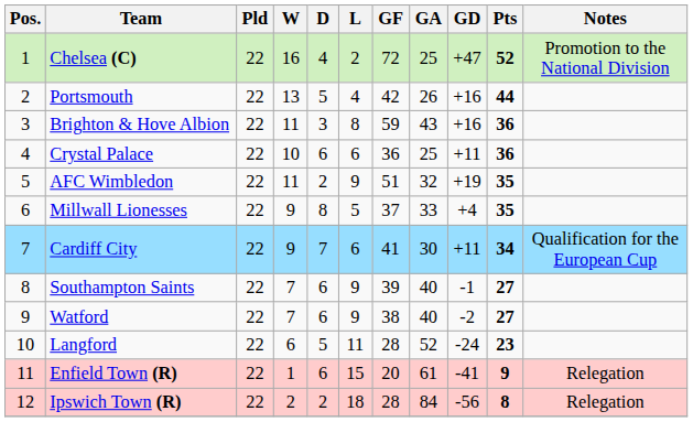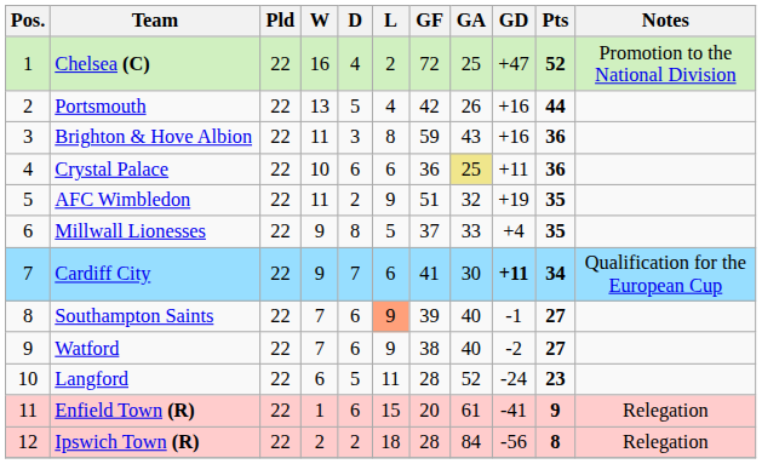 <table class="wikitable" style="text-align:center;">
 <tr>
 <th width=30 abbr="Position">Pos.</th>
 <th width=250>Team</th>
 <th width=30 abbr="Played">Pld</th>
 <th width=30 abbr="Won">W</th>
 <th width=30 abbr="Drawn">D</th>
 <th width=30 abbr="Lost">L</th>
 <th width=30 abbr="Goals for">GF</th>
 <th width=30 abbr="Goals against">GA</th>
 <th width=30 abbr="Goal difference">GD</th>
 <th width=30 abbr="Points">Pts</th>
 <th width=200>Notes</th>
 </tr>
 <tr bgcolor="D0F0C0">
 <td>1</td>
 <td align="left"><a href='#'>Chelsea</a> <strong>(C)</strong></td>
 <td>22</td>
 <td>16</td>
 <td>4</td>
 <td>2</td>
 <td>72</td>
 <td>25</td>
 <td>+47</td>
 <td><strong>52</strong></td>
 <td>Promotion to the <a href='#'>National Division</a></td>
 </tr>
 <tr>
 <td>2</td>
 <td align="left"><a href='#'>Portsmouth</a></td>
 <td>22</td>
 <td>13</td>
 <td>5</td>
 <td>4</td>
 <td>42</td>
 <td>26</td>
 <td>+16</td>
 <td><strong>44</strong></td>
 <td></td>
 </tr>
 <tr>
 <td>3</td>
 <td align="left"><a href='#'>Brighton & Hove Albion</a></td>
 <td>22</td>
 <td>11</td>
 <td>3</td>
 <td>8</td>
 <td>59</td>
 <td>43</td>
 <td>+16</td>
 <td><strong>36</strong></td>
 <td></td>
 </tr>
 <tr>
 <td>4</td>
 <td align="left"><a href='#'>Crystal Palace</a></td>
 <td>22</td>
 <td>10</td>
 <td>6</td>
 <td>6</td>
 <td>36</td>
-<td>25</td>
+<td style="background: khaki;">25</td>
 <td>+11</td>
 <td><strong>36</strong></td>
 <td></td>
 </tr>
 <tr>
 <td>5</td>
 <td align="left"><a href='#'>AFC Wimbledon</a></td>
 <td>22</td>
 <td>11</td>
 <td>2</td>
 <td>9</td>
 <td>51</td>
 <td>32</td>
 <td>+19</td>
 <td><strong>35</strong></td>
 <td></td>
 </tr>
 <tr>
 <td>6</td>
 <td align="left"><a href='#'>Millwall Lionesses</a></td>
 <td>22</td>
 <td>9</td>
 <td>8</td>
 <td>5</td>
 <td>37</td>
 <td>33</td>
 <td>+4</td>
 <td><strong>35</strong></td>
 <td></td>
 </tr>
 <tr bgcolor="97DEFF">
 <td>7</td>
 <td align="left"><a href='#'>Cardiff City</a></td>
 <td>22</td>
 <td>9</td>
 <td>7</td>
 <td>6</td>
 <td>41</td>
 <td>30</td>
-<td>+11</td>
+<td><strong>+11</strong></td>
 <td><strong>34</strong></td>
 <td>Qualification for the <a href='#'>European Cup</a></td>
 </tr>
 <tr>
 <td>8</td>
 <td align="left"><a href='#'>Southampton Saints</a></td>
 <td>22</td>
 <td>7</td>
 <td>6</td>
-<td>9</td>
+<td style="background: lightsalmon;">9</td>
 <td>39</td>
 <td>40</td>
 <td>-1</td>
 <td><strong>27</strong></td>
 <td></td>
 </tr>
 <tr>
 <td>9</td>
 <td align="left"><a href='#'>Watford</a></td>
 <td>22</td>
 <td>7</td>
 <td>6</td>
 <td>9</td>
 <td>38</td>
 <td>40</td>
 <td>-2</td>
 <td><strong>27</strong></td>
 <td></td>
 </tr>
 <tr>
 <td>10</td>
 <td align="left"><a href='#'>Langford</a></td>
 <td>22</td>
 <td>6</td>
 <td>5</td>
 <td>11</td>
 <td>28</td>
 <td>52</td>
 <td>-24</td>
 <td><strong>23</strong></td>
 <td></td>
 </tr>
 <tr bgcolor="FFCCCC">
 <td>11</td>
 <td align="left"><a href='#'>Enfield Town</a> <strong>(R)</strong></td>
 <td>22</td>
 <td>1</td>
 <td>6</td>
 <td>15</td>
 <td>20</td>
 <td>61</td>
 <td>-41</td>
 <td><strong>9</strong></td>
 <td>Relegation</td>
 </tr>
 <tr bgcolor="FFCCCC">
 <td>12</td>
 <td align="left"><a href='#'>Ipswich Town</a> <strong>(R)</strong></td>
 <td>22</td>
 <td>2</td>
 <td>2</td>
 <td>18</td>
 <td>28</td>
 <td>84</td>
 <td>-56</td>
 <td><strong>8</strong></td>
 <td>Relegation</td>
 </tr>
 <tr>
 </tr>
 </table>
